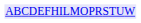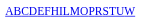 <table id="toc" class="toc" summary="Class">
 <tr>
 <th></th>
 </tr>
 <tr>
-<td style="background: lavender; text-align:center;"><a href='#'>A</a><a href='#'>B</a><a href='#'>C</a><a href='#'>D</a><a href='#'>E</a><a href='#'>F</a><a href='#'>H</a><a href='#'>I</a><a href='#'>L</a><a href='#'>M</a><a href='#'>O</a><a href='#'>P</a><a href='#'>R</a><a href='#'>S</a><a href='#'>T</a><a href='#'>U</a><a href='#'>W</a></td>
+<td style="text-align:center;"><a href='#'>A</a><a href='#'>B</a><a href='#'>C</a><a href='#'>D</a><a href='#'>E</a><a href='#'>F</a><a href='#'>H</a><a href='#'>I</a><a href='#'>L</a><a href='#'>M</a><a href='#'>O</a><a href='#'>P</a><a href='#'>R</a><a href='#'>S</a><a href='#'>T</a><a href='#'>U</a><a href='#'>W</a></td>
 </tr>
 </table>
